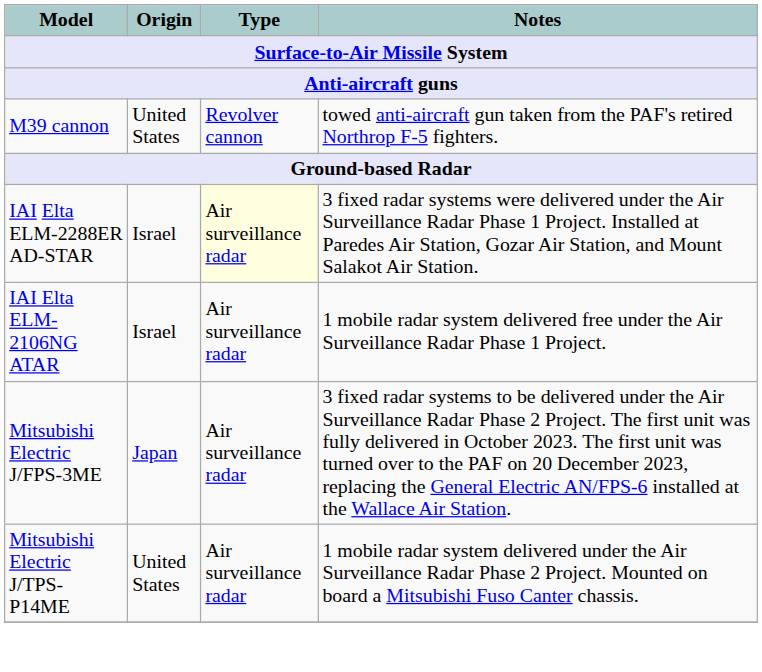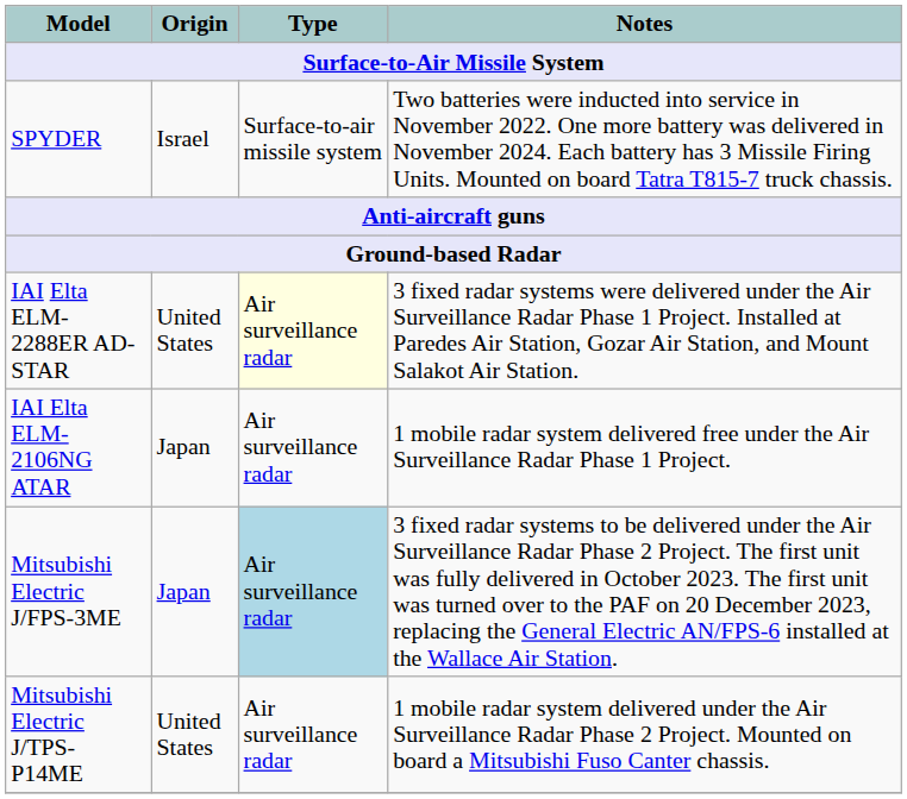 <table class="wikitable">
 <tr>
 <th style="text-align: center; background:#acc;">Model</th>
 <th style="text-align: center; background:#acc;">Origin</th>
 <th style="text-align: center; background:#acc;">Type</th>
 <th style="text-align: center; background:#acc;">Notes</th>
 </tr>
 <tr>
 <th style="align: center; background: lavender;" colspan="4"><a href='#'>Surface-to-Air Missile</a> System</th>
 </tr>
 <tr>
-<th style="align: center; background: lavender;" colspan="4"><a href='#'>Anti-aircraft</a> guns</th>
+<td><a href='#'>SPYDER</a></td>
+<td>Israel</td>
+<td>Surface-to-air missile system</td>
+<td>Two batteries were inducted into service in November 2022. One more battery was delivered in November 2024. Each battery has 3 Missile Firing Units. Mounted on board <a href='#'>Tatra T815-7</a> truck chassis.</td>
 </tr>
 <tr>
-<td><a href='#'>M39 cannon</a></td>
-<td>United States</td>
-<td><a href='#'>Revolver cannon</a></td>
-<td>towed <a href='#'>anti-aircraft</a> gun taken from the PAF's retired <a href='#'>Northrop F-5</a> fighters.</td>
+<th style="align: center; background: lavender;" colspan="4"><a href='#'>Anti-aircraft</a> guns</th>
 </tr>
 <tr>
 <th style="align: center; background: lavender;" colspan="4">Ground-based Radar</th>
 </tr>
 <tr>
 <td><a href='#'>IAI</a> <a href='#'>Elta</a> ELM-2288ER AD-STAR</td>
-<td>Israel</td>
+<td>United States</td>
 <td style="background: lightyellow;">Air surveillance <a href='#'>radar</a></td>
 <td>3 fixed radar systems were delivered under the Air Surveillance Radar Phase 1 Project. Installed at Paredes Air Station, Gozar Air Station, and Mount Salakot Air Station.</td>
 </tr>
 <tr>
 <td><a href='#'>IAI Elta ELM-2106NG ATAR</a></td>
-<td>Israel</td>
+<td>Japan</td>
 <td>Air surveillance <a href='#'>radar</a></td>
 <td>1 mobile radar system delivered free under the Air Surveillance Radar Phase 1 Project.</td>
 </tr>
 <tr>
 <td><a href='#'>Mitsubishi Electric</a> J/FPS-3ME</td>
 <td><a href='#'>Japan</a></td>
-<td>Air surveillance <a href='#'>radar</a></td>
+<td style="background: lightblue;">Air surveillance <a href='#'>radar</a></td>
 <td>3 fixed radar systems to be delivered under the Air Surveillance Radar Phase 2 Project. The first unit was fully delivered in October 2023. The first unit was turned over to the PAF on 20 December 2023, replacing the <a href='#'>General Electric AN/FPS-6</a> installed at the <a href='#'>Wallace Air Station</a>.</td>
 </tr>
 <tr>
 <td><a href='#'>Mitsubishi Electric</a> J/TPS-P14ME</td>
 <td>United States</td>
 <td>Air surveillance <a href='#'>radar</a></td>
 <td>1 mobile radar system delivered under the Air Surveillance Radar Phase 2 Project. Mounted on board a <a href='#'>Mitsubishi Fuso Canter</a> chassis.</td>
 </tr>
 <tr>
 </tr>
 </table>
